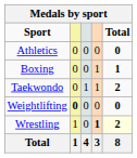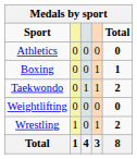 <table class=wikitable style="font-size:85%">
 <tr bgcolor=efefef>
 <th colspan=5><strong>Medals by sport</strong></th>
 </tr>
 <tr style="text-align:center">
 <td><strong>Sport</strong></td>
 <td bgcolor=#f7f6a8></td>
 <td bgcolor=#dce5e5></td>
 <td bgcolor=#ffdab9></td>
 <td><strong>Total</strong></td>
 </tr>
 <tr style="text-align:center">
 <td><a href='#'>Athletics</a></td>
 <td bgcolor=F7F6A8>0</td>
 <td bgcolor=DCE5E5>0</td>
 <td bgcolor=FFDAB9>0</td>
 <td><strong>0</strong></td>
 </tr>
 <tr style="text-align:center">
 <td><a href='#'>Boxing</a></td>
 <td bgcolor=F7F6A8>0</td>
 <td bgcolor=DCE5E5>0</td>
 <td bgcolor=FFDAB9>1</td>
 <td><strong>1</strong></td>
 </tr>
 <tr style="text-align:center">
 <td><a href='#'>Taekwondo</a></td>
 <td bgcolor=F7F6A8>0</td>
 <td bgcolor=DCE5E5>1</td>
 <td bgcolor=FFDAB9>1</td>
 <td><strong>2</strong></td>
 </tr>
 <tr style="text-align:center">
 <td><a href='#'>Weightlifting</a></td>
-<td bgcolor=F7F6A8><strong>0</strong></td>
+<td bgcolor=F7F6A8>0</td>
 <td bgcolor=DCE5E5>0</td>
 <td bgcolor=FFDAB9>0</td>
 <td><strong>0</strong></td>
 </tr>
 <tr style="text-align:center">
 <td><a href='#'>Wrestling</a></td>
 <td bgcolor=F7F6A8>1</td>
 <td bgcolor=DCE5E5>0</td>
-<td bgcolor=FFDAB9><strong>1</strong></td>
-<td style="background: lightyellow;"><strong>2</strong></td>
+<td bgcolor=FFDAB9>1</td>
+<td><strong>2</strong></td>
 </tr>
 <tr class="sortbottom">
 <th>Total</th>
 <th>1</th>
 <th>4</th>
 <th>3</th>
 <th>8</th>
 </tr>
 </table>
